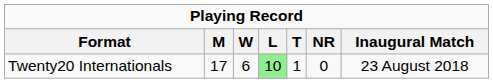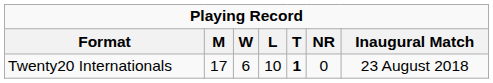 <table class="wikitable" style="text-align: center; width: 500px;">
 <tr>
 <td colspan=7 align="center"><strong>Playing Record</strong></td>
 </tr>
 <tr>
 <th>Format</th>
 <th>M</th>
 <th>W</th>
 <th>L</th>
 <th>T</th>
 <th>NR</th>
 <th>Inaugural Match</th>
 </tr>
 <tr>
 <td align="left">Twenty20 Internationals</td>
 <td>17</td>
 <td>6</td>
-<td style="background: lightgreen;">10</td>
-<td>1</td>
+<td>10</td>
+<td><strong>1</strong></td>
 <td>0</td>
 <td>23 August 2018</td>
 </tr>
 </table>
